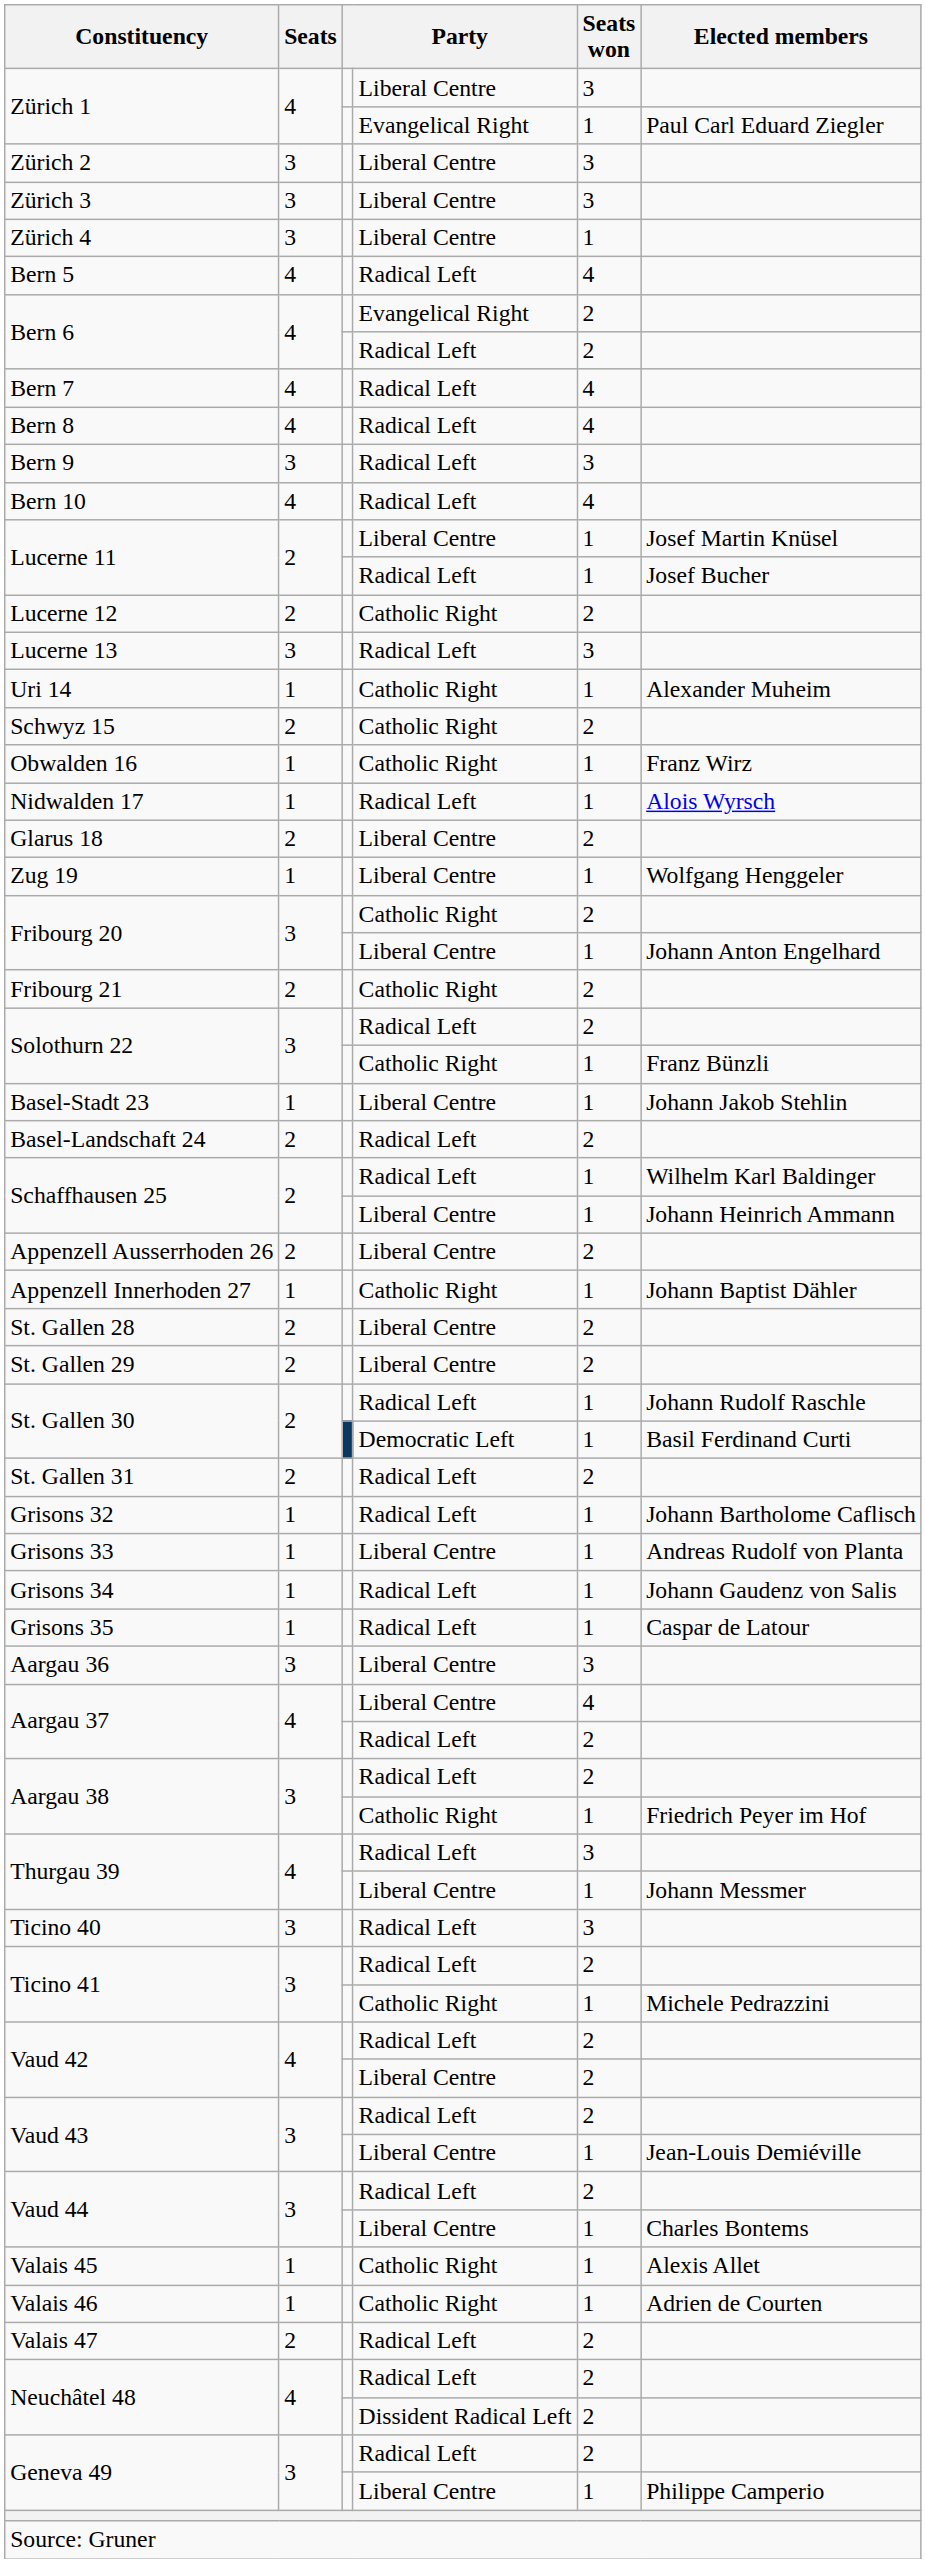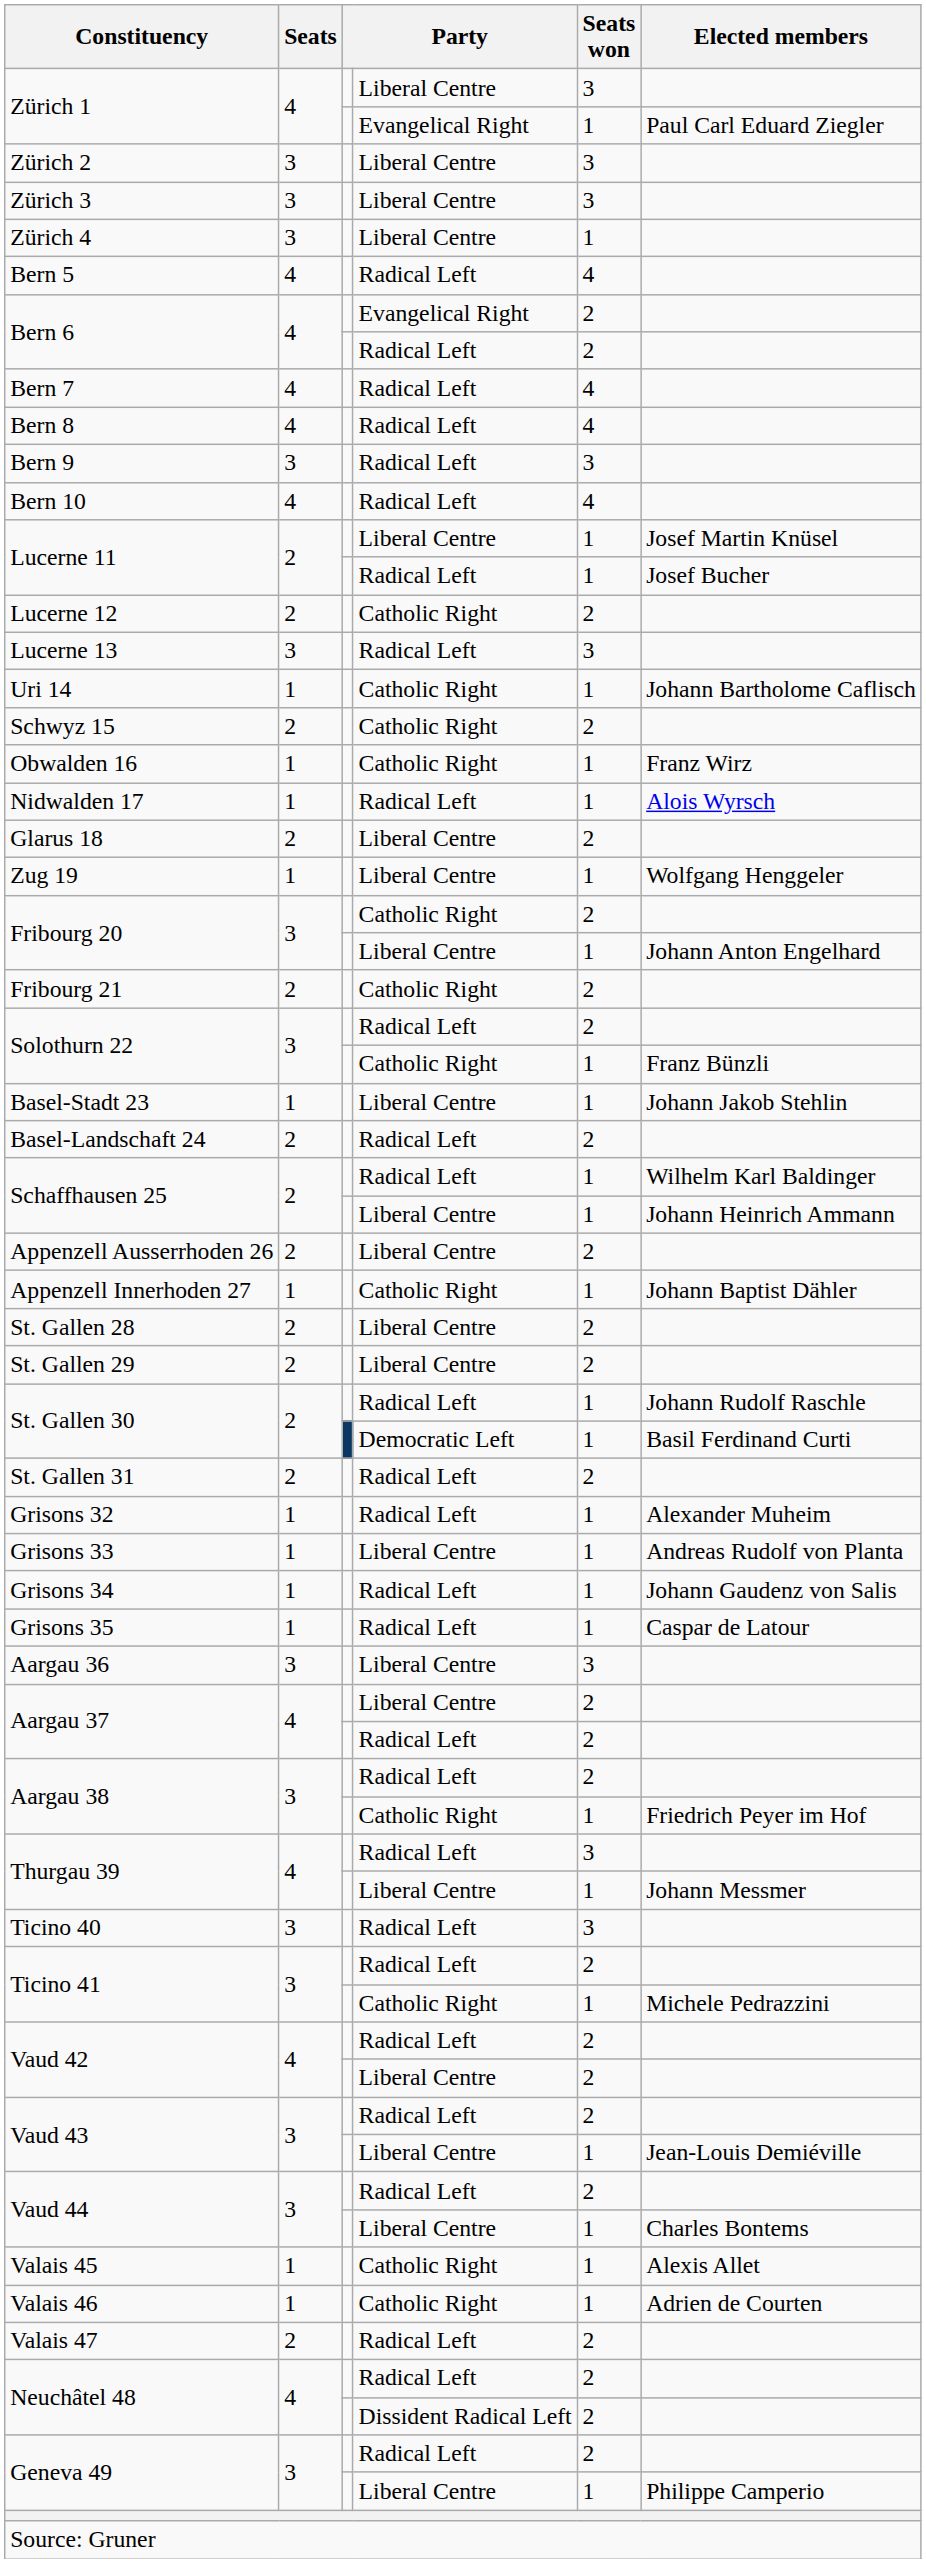 <table class="wikitable">
 <tr>
 <th>Constituency</th>
 <th>Seats</th>
 <th colspan="2">Party</th>
 <th>Seats<br>won</th>
 <th>Elected members</th>
 </tr>
 <tr>
 <td rowspan="2">Zürich 1</td>
 <td rowspan="2">4</td>
 <td style="color:inherit;background:"></td>
 <td>Liberal Centre</td>
 <td>3</td>
 <td></td>
 </tr>
 <tr>
 <td style="color:inherit;background:"></td>
 <td>Evangelical Right</td>
 <td>1</td>
 <td>Paul Carl Eduard Ziegler</td>
 </tr>
 <tr>
 <td>Zürich 2</td>
 <td>3</td>
 <td style="color:inherit;background:"></td>
 <td>Liberal Centre</td>
 <td>3</td>
 <td></td>
 </tr>
 <tr>
 <td>Zürich 3</td>
 <td>3</td>
 <td style="color:inherit;background:"></td>
 <td>Liberal Centre</td>
 <td>3</td>
 <td></td>
 </tr>
 <tr>
 <td>Zürich 4</td>
 <td>3</td>
 <td style="color:inherit;background:"></td>
 <td>Liberal Centre</td>
 <td>1</td>
 <td></td>
 </tr>
 <tr>
 <td>Bern 5</td>
 <td>4</td>
 <td style="color:inherit;background:"></td>
 <td>Radical Left</td>
 <td>4</td>
 <td></td>
 </tr>
 <tr>
 <td rowspan="2">Bern 6</td>
 <td rowspan="2">4</td>
 <td style="color:inherit;background:"></td>
 <td>Evangelical Right</td>
 <td>2</td>
 <td></td>
 </tr>
 <tr>
 <td style="color:inherit;background:"></td>
 <td>Radical Left</td>
 <td>2</td>
 <td></td>
 </tr>
 <tr>
 <td>Bern 7</td>
 <td>4</td>
 <td style="color:inherit;background:"></td>
 <td>Radical Left</td>
 <td>4</td>
 <td></td>
 </tr>
 <tr>
 <td>Bern 8</td>
 <td>4</td>
 <td style="color:inherit;background:"></td>
 <td>Radical Left</td>
 <td>4</td>
 <td></td>
 </tr>
 <tr>
 <td>Bern 9</td>
 <td>3</td>
 <td style="color:inherit;background:"></td>
 <td>Radical Left</td>
 <td>3</td>
 <td></td>
 </tr>
 <tr>
 <td>Bern 10</td>
 <td>4</td>
 <td style="color:inherit;background:"></td>
 <td>Radical Left</td>
 <td>4</td>
 <td></td>
 </tr>
 <tr>
 <td rowspan="2">Lucerne 11</td>
 <td rowspan="2">2</td>
 <td style="color:inherit;background:"></td>
 <td>Liberal Centre</td>
 <td>1</td>
 <td>Josef Martin Knüsel</td>
 </tr>
 <tr>
 <td style="color:inherit;background:"></td>
 <td>Radical Left</td>
 <td>1</td>
 <td>Josef Bucher</td>
 </tr>
 <tr>
 <td>Lucerne 12</td>
 <td>2</td>
 <td style="color:inherit;background:"></td>
 <td>Catholic Right</td>
 <td>2</td>
 <td></td>
 </tr>
 <tr>
 <td>Lucerne 13</td>
 <td>3</td>
 <td style="color:inherit;background:"></td>
 <td>Radical Left</td>
 <td>3</td>
 <td></td>
 </tr>
 <tr>
 <td>Uri 14</td>
 <td>1</td>
 <td style="color:inherit;background:"></td>
 <td>Catholic Right</td>
 <td>1</td>
-<td>Alexander Muheim</td>
+<td>Johann Bartholome Caflisch</td>
 </tr>
 <tr>
 <td>Schwyz 15</td>
 <td>2</td>
 <td style="color:inherit;background:"></td>
 <td>Catholic Right</td>
 <td>2</td>
 <td></td>
 </tr>
 <tr>
 <td>Obwalden 16</td>
 <td>1</td>
 <td style="color:inherit;background:"></td>
 <td>Catholic Right</td>
 <td>1</td>
 <td>Franz Wirz</td>
 </tr>
 <tr>
 <td>Nidwalden 17</td>
 <td>1</td>
 <td style="color:inherit;background:"></td>
 <td>Radical Left</td>
 <td>1</td>
 <td><a href='#'>Alois Wyrsch</a></td>
 </tr>
 <tr>
 <td>Glarus 18</td>
 <td>2</td>
 <td style="color:inherit;background:"></td>
 <td>Liberal Centre</td>
 <td>2</td>
 <td></td>
 </tr>
 <tr>
 <td>Zug 19</td>
 <td>1</td>
 <td style="color:inherit;background:"></td>
 <td>Liberal Centre</td>
 <td>1</td>
 <td>Wolfgang Henggeler</td>
 </tr>
 <tr>
 <td rowspan="2">Fribourg 20</td>
 <td rowspan="2">3</td>
 <td style="color:inherit;background:"></td>
 <td>Catholic Right</td>
 <td>2</td>
 <td></td>
 </tr>
 <tr>
 <td style="color:inherit;background:"></td>
 <td>Liberal Centre</td>
 <td>1</td>
 <td>Johann Anton Engelhard</td>
 </tr>
 <tr>
 <td>Fribourg 21</td>
 <td>2</td>
 <td style="color:inherit;background:"></td>
 <td>Catholic Right</td>
 <td>2</td>
 <td></td>
 </tr>
 <tr>
 <td rowspan="2">Solothurn 22</td>
 <td rowspan="2">3</td>
 <td style="color:inherit;background:"></td>
 <td>Radical Left</td>
 <td>2</td>
 <td></td>
 </tr>
 <tr>
 <td style="color:inherit;background:"></td>
 <td>Catholic Right</td>
 <td>1</td>
 <td>Franz Bünzli</td>
 </tr>
 <tr>
 <td>Basel-Stadt 23</td>
 <td>1</td>
 <td style="color:inherit;background:"></td>
 <td>Liberal Centre</td>
 <td>1</td>
 <td>Johann Jakob Stehlin</td>
 </tr>
 <tr>
 <td>Basel-Landschaft 24</td>
 <td>2</td>
 <td style="color:inherit;background:"></td>
 <td>Radical Left</td>
 <td>2</td>
 <td></td>
 </tr>
 <tr>
 <td rowspan="2">Schaffhausen 25</td>
 <td rowspan="2">2</td>
 <td style="color:inherit;background:"></td>
 <td>Radical Left</td>
 <td>1</td>
 <td>Wilhelm Karl Baldinger</td>
 </tr>
 <tr>
 <td style="color:inherit;background:"></td>
 <td>Liberal Centre</td>
 <td>1</td>
 <td>Johann Heinrich Ammann</td>
 </tr>
 <tr>
 <td>Appenzell Ausserrhoden 26</td>
 <td>2</td>
 <td style="color:inherit;background:"></td>
 <td>Liberal Centre</td>
 <td>2</td>
 <td></td>
 </tr>
 <tr>
 <td>Appenzell Innerhoden 27</td>
 <td>1</td>
 <td style="color:inherit;background:"></td>
 <td>Catholic Right</td>
 <td>1</td>
 <td>Johann Baptist Dähler</td>
 </tr>
 <tr>
 <td>St. Gallen 28</td>
 <td>2</td>
 <td style="color:inherit;background:"></td>
 <td>Liberal Centre</td>
 <td>2</td>
 <td></td>
 </tr>
 <tr>
 <td>St. Gallen 29</td>
 <td>2</td>
 <td style="color:inherit;background:"></td>
 <td>Liberal Centre</td>
 <td>2</td>
 <td></td>
 </tr>
 <tr>
 <td rowspan="2">St. Gallen 30</td>
 <td rowspan="2">2</td>
 <td style="color:inherit;background:"></td>
 <td>Radical Left</td>
 <td>1</td>
 <td>Johann Rudolf Raschle</td>
 </tr>
 <tr>
 <td style="color:inherit;background:#0B3861"></td>
 <td>Democratic Left</td>
 <td>1</td>
 <td>Basil Ferdinand Curti</td>
 </tr>
 <tr>
 <td>St. Gallen 31</td>
 <td>2</td>
 <td style="color:inherit;background:"></td>
 <td>Radical Left</td>
 <td>2</td>
 <td></td>
 </tr>
 <tr>
 <td>Grisons 32</td>
 <td>1</td>
 <td style="color:inherit;background:"></td>
 <td>Radical Left</td>
 <td>1</td>
-<td>Johann Bartholome Caflisch</td>
+<td>Alexander Muheim</td>
 </tr>
 <tr>
 <td>Grisons 33</td>
 <td>1</td>
 <td style="color:inherit;background:"></td>
 <td>Liberal Centre</td>
 <td>1</td>
 <td>Andreas Rudolf von Planta</td>
 </tr>
 <tr>
 <td>Grisons 34</td>
 <td>1</td>
 <td style="color:inherit;background:"></td>
 <td>Radical Left</td>
 <td>1</td>
 <td>Johann Gaudenz von Salis</td>
 </tr>
 <tr>
 <td>Grisons 35</td>
 <td>1</td>
 <td style="color:inherit;background:"></td>
 <td>Radical Left</td>
 <td>1</td>
 <td>Caspar de Latour</td>
 </tr>
 <tr>
 <td>Aargau 36</td>
 <td>3</td>
 <td style="color:inherit;background:"></td>
 <td>Liberal Centre</td>
 <td>3</td>
 <td></td>
 </tr>
 <tr>
 <td rowspan="2">Aargau 37</td>
 <td rowspan="2">4</td>
 <td style="color:inherit;background:"></td>
 <td>Liberal Centre</td>
-<td>4</td>
+<td>2</td>
 <td></td>
 </tr>
 <tr>
 <td style="color:inherit;background:"></td>
 <td>Radical Left</td>
 <td>2</td>
 <td></td>
 </tr>
 <tr>
 <td rowspan="2">Aargau 38</td>
 <td rowspan="2">3</td>
 <td style="color:inherit;background:"></td>
 <td>Radical Left</td>
 <td>2</td>
 <td></td>
 </tr>
 <tr>
 <td style="color:inherit;background:"></td>
 <td>Catholic Right</td>
 <td>1</td>
 <td>Friedrich Peyer im Hof</td>
 </tr>
 <tr>
 <td rowspan="2">Thurgau 39</td>
 <td rowspan="2">4</td>
 <td style="color:inherit;background:"></td>
 <td>Radical Left</td>
 <td>3</td>
 <td></td>
 </tr>
 <tr>
 <td style="color:inherit;background:"></td>
 <td>Liberal Centre</td>
 <td>1</td>
 <td>Johann Messmer</td>
 </tr>
 <tr>
 <td>Ticino 40</td>
 <td>3</td>
 <td style="color:inherit;background:"></td>
 <td>Radical Left</td>
 <td>3</td>
 <td></td>
 </tr>
 <tr>
 <td rowspan="2">Ticino 41</td>
 <td rowspan="2">3</td>
 <td style="color:inherit;background:"></td>
 <td>Radical Left</td>
 <td>2</td>
 <td></td>
 </tr>
 <tr>
 <td style="color:inherit;background:"></td>
 <td>Catholic Right</td>
 <td>1</td>
 <td>Michele Pedrazzini</td>
 </tr>
 <tr>
 <td rowspan="2">Vaud 42</td>
 <td rowspan="2">4</td>
 <td style="color:inherit;background:"></td>
 <td>Radical Left</td>
 <td>2</td>
 <td></td>
 </tr>
 <tr>
 <td style="color:inherit;background:"></td>
 <td>Liberal Centre</td>
 <td>2</td>
 <td></td>
 </tr>
 <tr>
 <td rowspan="2">Vaud 43</td>
 <td rowspan="2">3</td>
 <td style="color:inherit;background:"></td>
 <td>Radical Left</td>
 <td>2</td>
 <td></td>
 </tr>
 <tr>
 <td style="color:inherit;background:"></td>
 <td>Liberal Centre</td>
 <td>1</td>
 <td>Jean-Louis Demiéville</td>
 </tr>
 <tr>
 <td rowspan="2">Vaud 44</td>
 <td rowspan="2">3</td>
 <td style="color:inherit;background:"></td>
 <td>Radical Left</td>
 <td>2</td>
 <td></td>
 </tr>
 <tr>
 <td style="color:inherit;background:"></td>
 <td>Liberal Centre</td>
 <td>1</td>
 <td>Charles Bontems</td>
 </tr>
 <tr>
 <td>Valais 45</td>
 <td>1</td>
 <td style="color:inherit;background:"></td>
 <td>Catholic Right</td>
 <td>1</td>
 <td>Alexis Allet</td>
 </tr>
 <tr>
 <td>Valais 46</td>
 <td>1</td>
 <td style="color:inherit;background:"></td>
 <td>Catholic Right</td>
 <td>1</td>
 <td>Adrien de Courten</td>
 </tr>
 <tr>
 <td>Valais 47</td>
 <td>2</td>
 <td style="color:inherit;background:"></td>
 <td>Radical Left</td>
 <td>2</td>
 <td></td>
 </tr>
 <tr>
 <td rowspan="2">Neuchâtel 48</td>
 <td rowspan="2">4</td>
 <td style="color:inherit;background:"></td>
 <td>Radical Left</td>
 <td>2</td>
 <td></td>
 </tr>
 <tr>
 <td style="color:inherit;background:"></td>
 <td>Dissident Radical Left</td>
 <td>2</td>
 <td></td>
 </tr>
 <tr>
 <td rowspan="2">Geneva 49</td>
 <td rowspan="2">3</td>
 <td style="color:inherit;background:"></td>
 <td>Radical Left</td>
 <td>2</td>
 <td></td>
 </tr>
 <tr>
 <td style="color:inherit;background:"></td>
 <td>Liberal Centre</td>
 <td>1</td>
 <td>Philippe Camperio</td>
 </tr>
 <tr>
 <th colspan="6"></th>
 </tr>
 <tr>
 <td colspan="6">Source: Gruner</td>
 </tr>
 </table>
